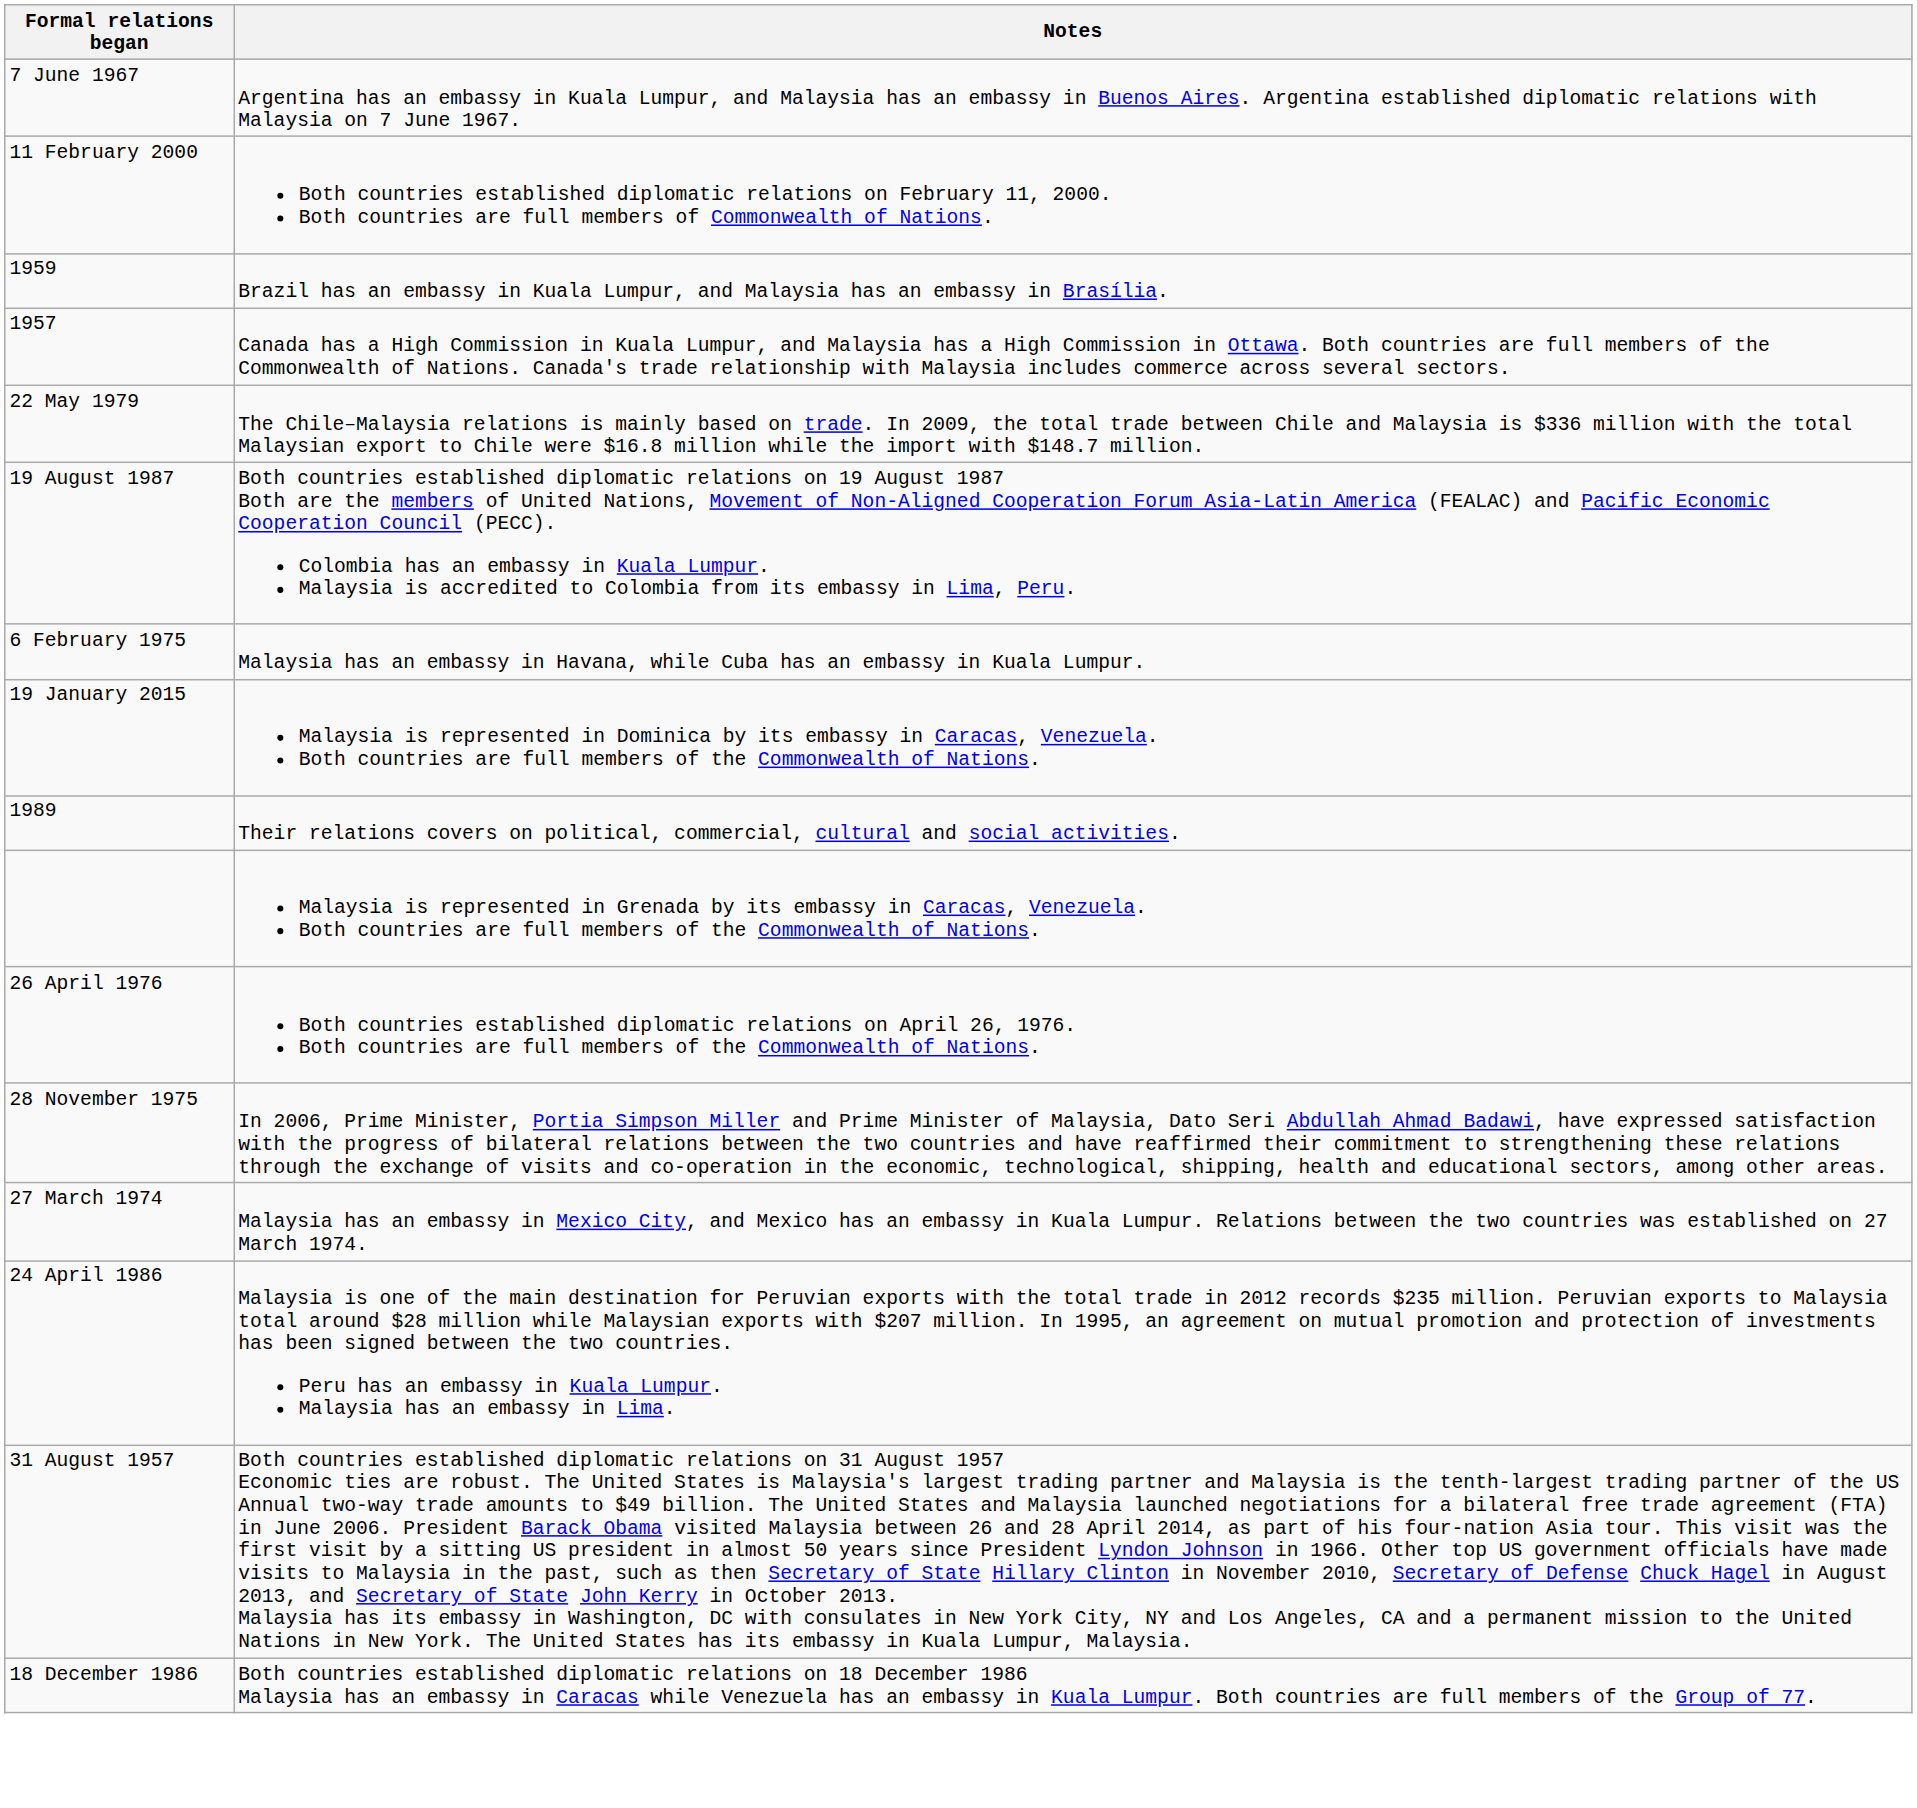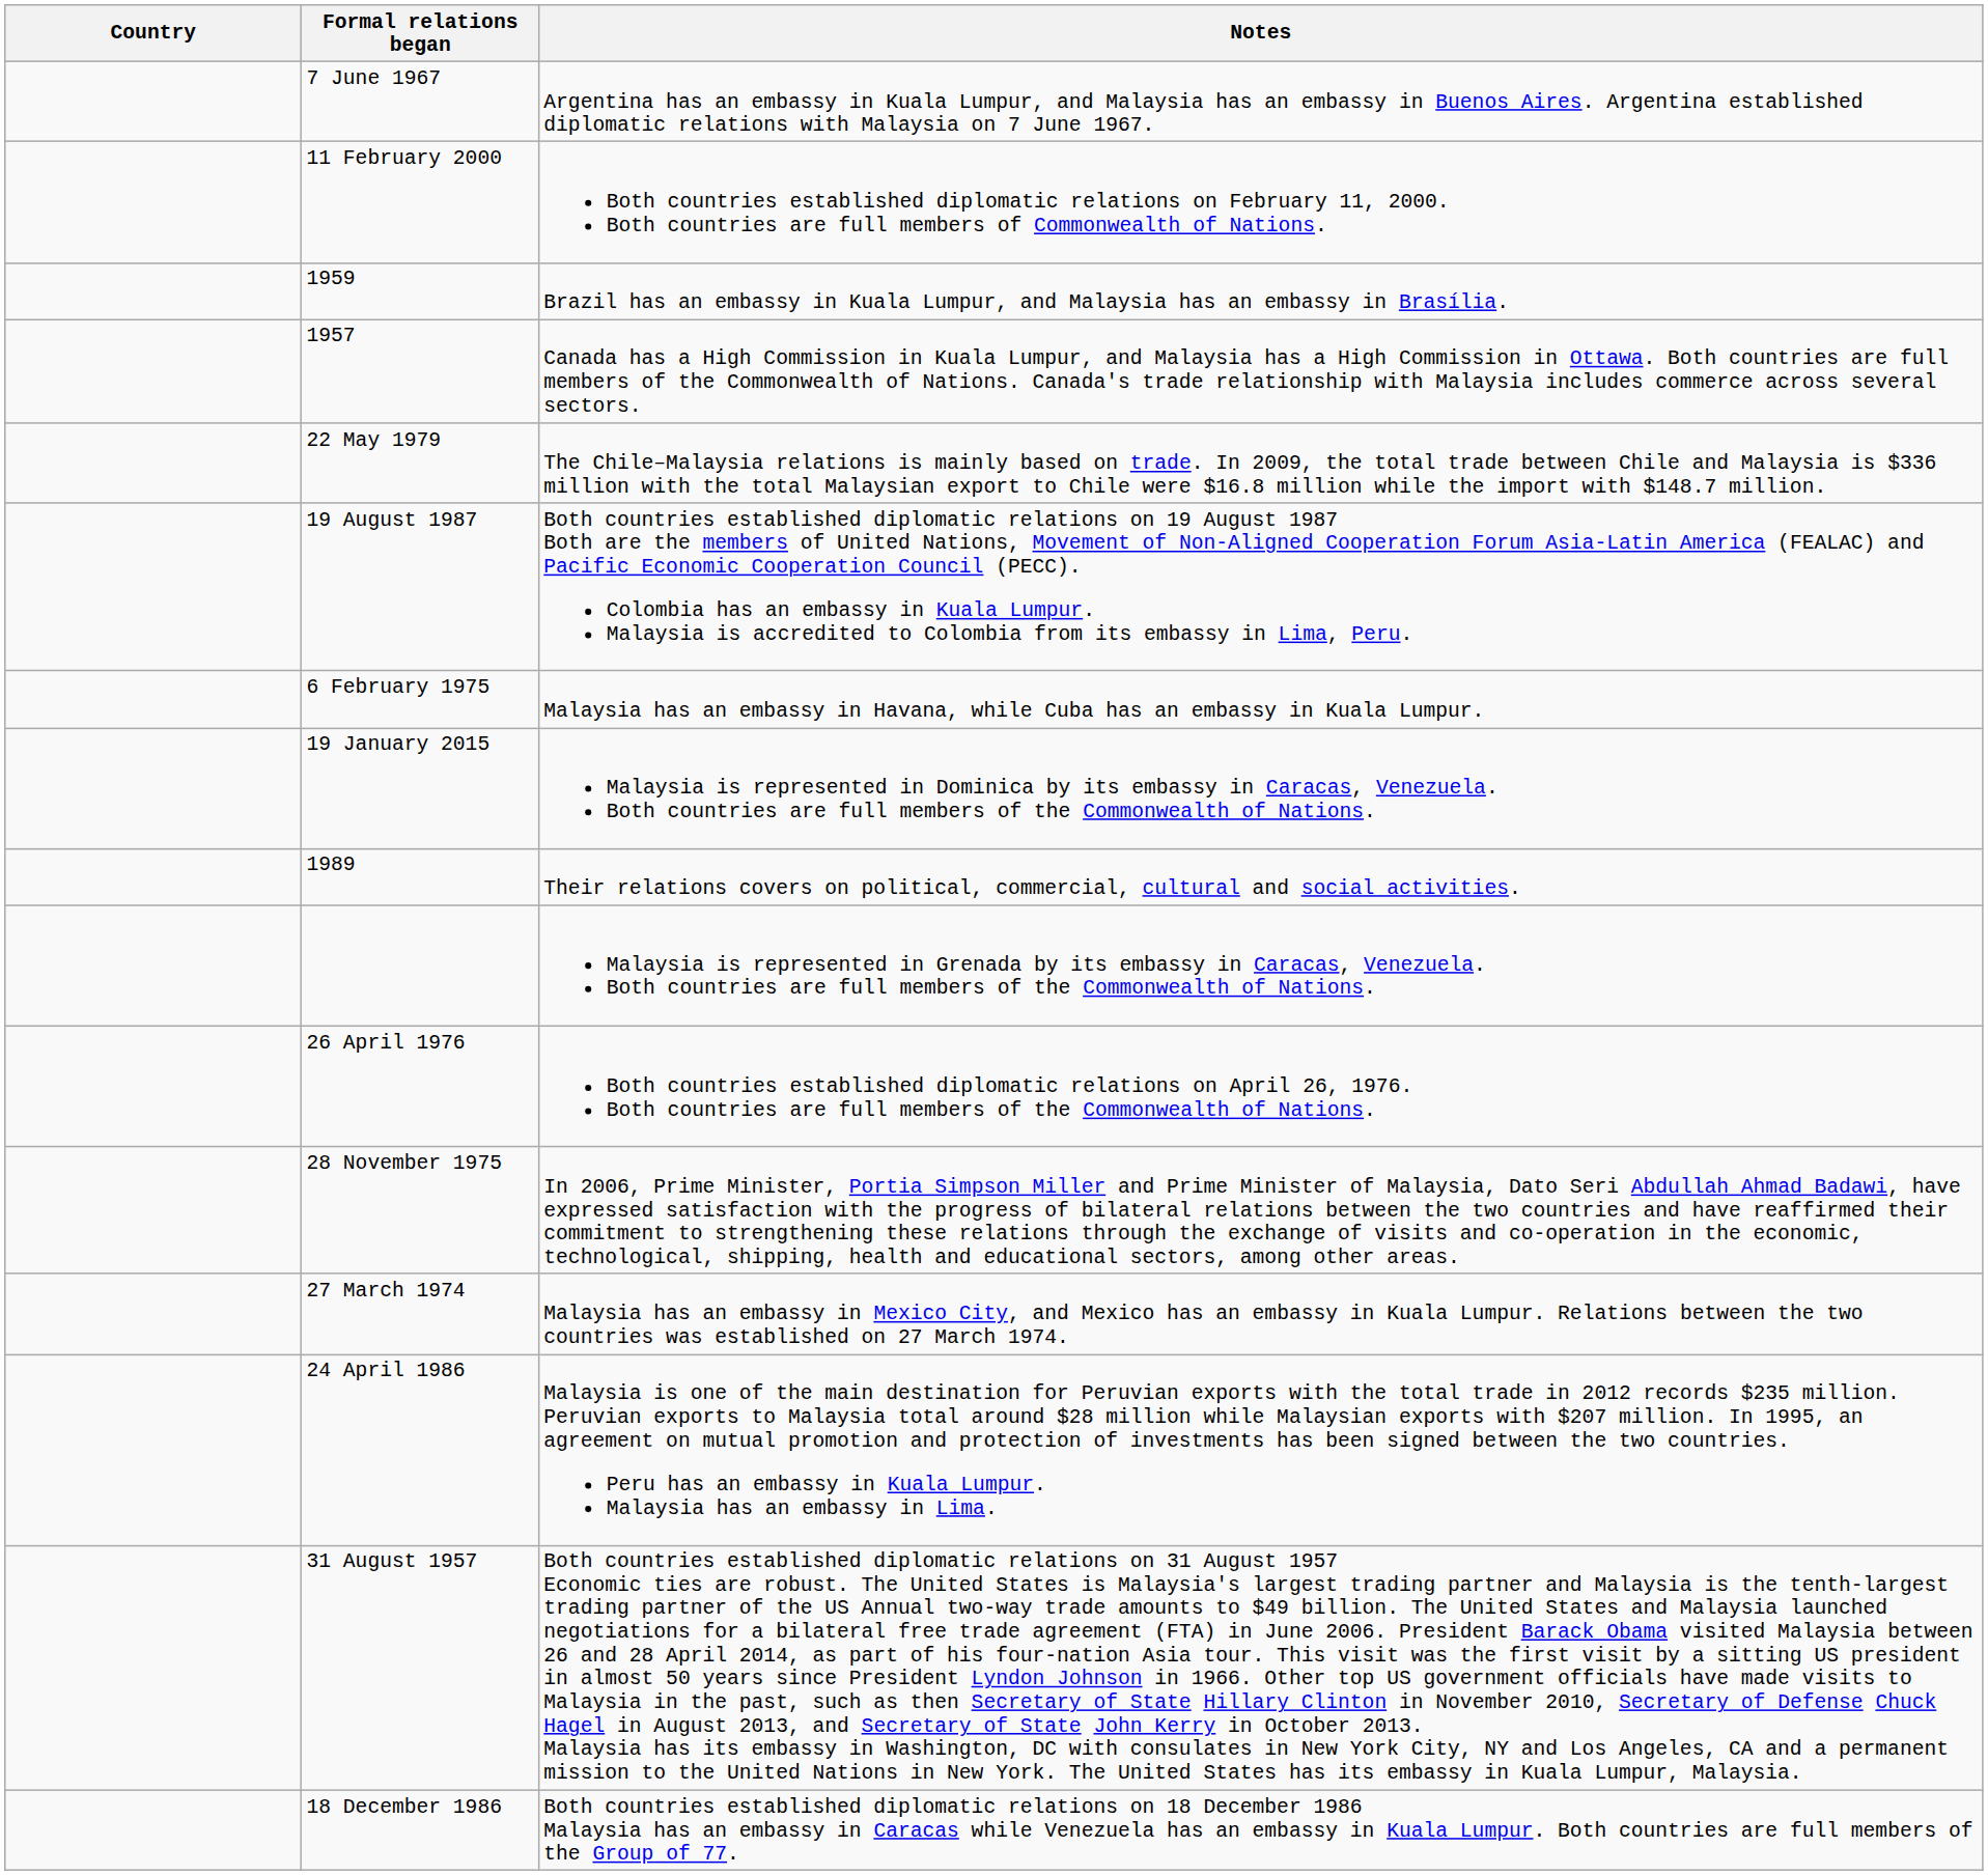 <table class="wikitable sortable" style="width:100%; margin:auto;">
 <tr>
+<th style="width:15%;">Country</th>
 <th style="width:12%;">Formal relations began</th>
 <th>Notes</th>
 </tr>
 <tr valign="top">
+<td></td>
 <td>7 June 1967</td>
 <td><br>Argentina has an embassy in Kuala Lumpur, and Malaysia has an embassy in <a href='#'>Buenos Aires</a>. Argentina established diplomatic relations with Malaysia on 7 June 1967.</td>
 </tr>
 <tr valign="top">
+<td></td>
 <td>11 February 2000</td>
 <td><br><ul><li>Both countries established diplomatic relations on February 11, 2000.</li><li>Both countries are full members of <a href='#'>Commonwealth of Nations</a>.</li></ul></td>
 </tr>
 <tr valign="top">
+<td></td>
 <td>1959</td>
 <td><br>Brazil has an embassy in Kuala Lumpur, and Malaysia has an embassy in <a href='#'>Brasília</a>.</td>
 </tr>
 <tr valign="top">
+<td></td>
 <td>1957</td>
 <td><br>Canada has a High Commission in Kuala Lumpur, and Malaysia has a High Commission in <a href='#'>Ottawa</a>. Both countries are full members of the Commonwealth of Nations. Canada's trade relationship with Malaysia includes commerce across several sectors.</td>
 </tr>
 <tr valign="top">
+<td></td>
 <td>22 May 1979</td>
 <td><br>The Chile–Malaysia relations is mainly based on <a href='#'>trade</a>. In 2009, the total trade between Chile and Malaysia is $336 million with the total Malaysian export to Chile were $16.8 million while the import with $148.7 million.</td>
 </tr>
 <tr valign="top">
+<td></td>
 <td>19 August 1987</td>
 <td>Both countries established diplomatic relations on 19 August 1987<br>Both are the <a href='#'>members</a> of United Nations, <a href='#'>Movement of Non-Aligned Cooperation Forum Asia-Latin America</a> (FEALAC) and <a href='#'>Pacific Economic Cooperation Council</a> (PECC).<ul><li>Colombia has an embassy in <a href='#'>Kuala Lumpur</a>.</li><li>Malaysia is accredited to Colombia from its embassy in <a href='#'>Lima</a>, <a href='#'>Peru</a>.</li></ul></td>
 </tr>
 <tr valign="top">
+<td></td>
 <td>6 February 1975</td>
 <td><br>Malaysia has an embassy in Havana, while Cuba has an embassy in Kuala Lumpur.</td>
 </tr>
 <tr valign="top">
+<td></td>
 <td>19 January 2015</td>
 <td><br><ul><li>Malaysia is represented in Dominica by its embassy in <a href='#'>Caracas</a>, <a href='#'>Venezuela</a>.</li><li>Both countries are full members of the <a href='#'>Commonwealth of Nations</a>.</li></ul></td>
 </tr>
 <tr valign="top">
+<td></td>
 <td>1989</td>
 <td><br>Their relations covers on political, commercial, <a href='#'>cultural</a> and <a href='#'>social activities</a>.</td>
 </tr>
 <tr valign="top">
 <td></td>
+<td></td>
 <td><br><ul><li>Malaysia is represented in Grenada by its embassy in <a href='#'>Caracas</a>, <a href='#'>Venezuela</a>.</li><li>Both countries are full members of the <a href='#'>Commonwealth of Nations</a>.</li></ul></td>
 </tr>
 <tr valign="top">
+<td></td>
 <td>26 April 1976</td>
 <td><br><ul><li>Both countries established diplomatic relations on April 26, 1976.</li><li>Both countries are full members of the <a href='#'>Commonwealth of Nations</a>.</li></ul></td>
 </tr>
 <tr valign="top">
+<td></td>
 <td>28 November 1975</td>
 <td><br>In 2006, Prime Minister, <a href='#'>Portia Simpson Miller</a> and Prime Minister of Malaysia, Dato Seri <a href='#'>Abdullah Ahmad Badawi</a>, have expressed satisfaction with the progress of bilateral relations between the two countries and have reaffirmed their commitment to strengthening these relations through the exchange of visits and co-operation in the economic, technological, shipping, health and educational sectors, among other areas.</td>
 </tr>
 <tr valign="top">
+<td></td>
 <td>27 March 1974</td>
 <td><br>Malaysia has an embassy in <a href='#'>Mexico City</a>, and Mexico has an embassy in Kuala Lumpur. Relations between the two countries was established on 27 March 1974.</td>
 </tr>
 <tr valign="top">
+<td></td>
 <td>24 April 1986</td>
 <td><br>Malaysia is one of the main destination for Peruvian exports with the total trade in 2012 records $235 million. Peruvian exports to Malaysia total around $28 million while Malaysian exports with $207 million. In 1995, an agreement on mutual promotion and protection of investments has been signed between the two countries.<ul><li>Peru has an embassy in <a href='#'>Kuala Lumpur</a>.</li><li>Malaysia has an embassy in <a href='#'>Lima</a>.</li></ul></td>
 </tr>
 <tr valign="top">
+<td></td>
 <td>31 August 1957</td>
 <td>Both countries established diplomatic relations on 31 August 1957<br>Economic ties are robust. The United States is Malaysia's largest trading partner and Malaysia is the tenth-largest trading partner of the US Annual two-way trade amounts to $49 billion. The United States and Malaysia launched negotiations for a bilateral free trade agreement (FTA) in June 2006. President <a href='#'>Barack Obama</a> visited Malaysia between 26 and 28 April 2014, as part of his four-nation Asia tour. This visit was the first visit by a sitting US president in almost 50 years since President <a href='#'>Lyndon Johnson</a> in 1966. Other top US government officials have made visits to Malaysia in the past, such as then <a href='#'>Secretary of State</a> <a href='#'>Hillary Clinton</a> in November 2010, <a href='#'>Secretary of Defense</a> <a href='#'>Chuck Hagel</a> in August 2013, and <a href='#'>Secretary of State</a> <a href='#'>John Kerry</a> in October 2013.<br>Malaysia has its embassy in Washington, DC with consulates in New York City, NY and Los Angeles, CA and a permanent mission to the United Nations in New York. The United States has its embassy in Kuala Lumpur, Malaysia.</td>
 </tr>
 <tr valign="top">
+<td></td>
 <td>18 December 1986</td>
 <td>Both countries established diplomatic relations on 18 December 1986<br>Malaysia has an embassy in <a href='#'>Caracas</a> while Venezuela has an embassy in <a href='#'>Kuala Lumpur</a>. Both countries are full members of the <a href='#'>Group of 77</a>.</td>
 </tr>
 </table>
